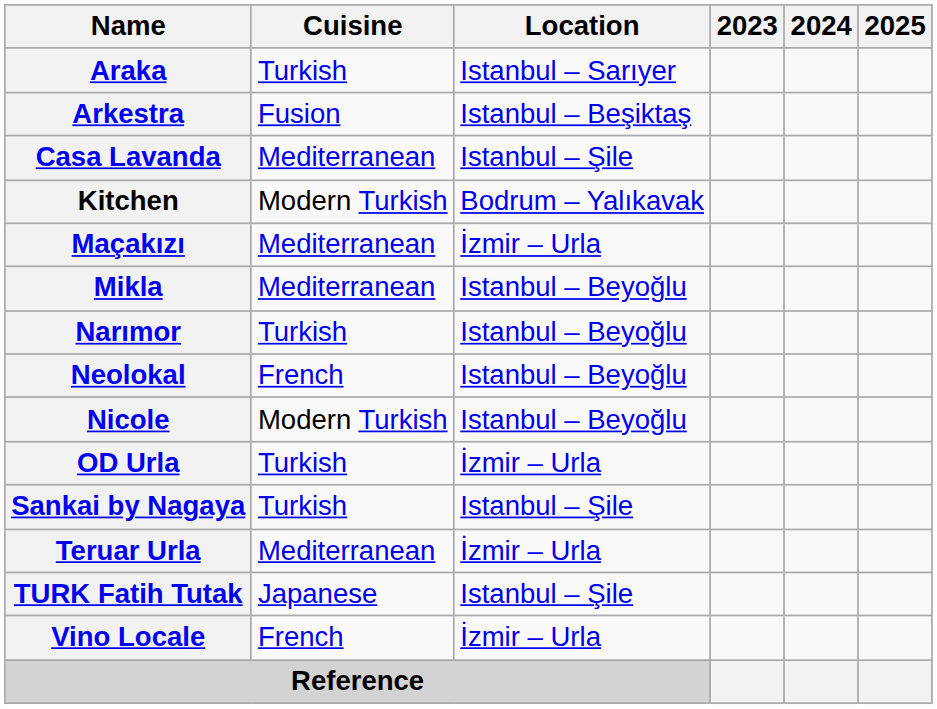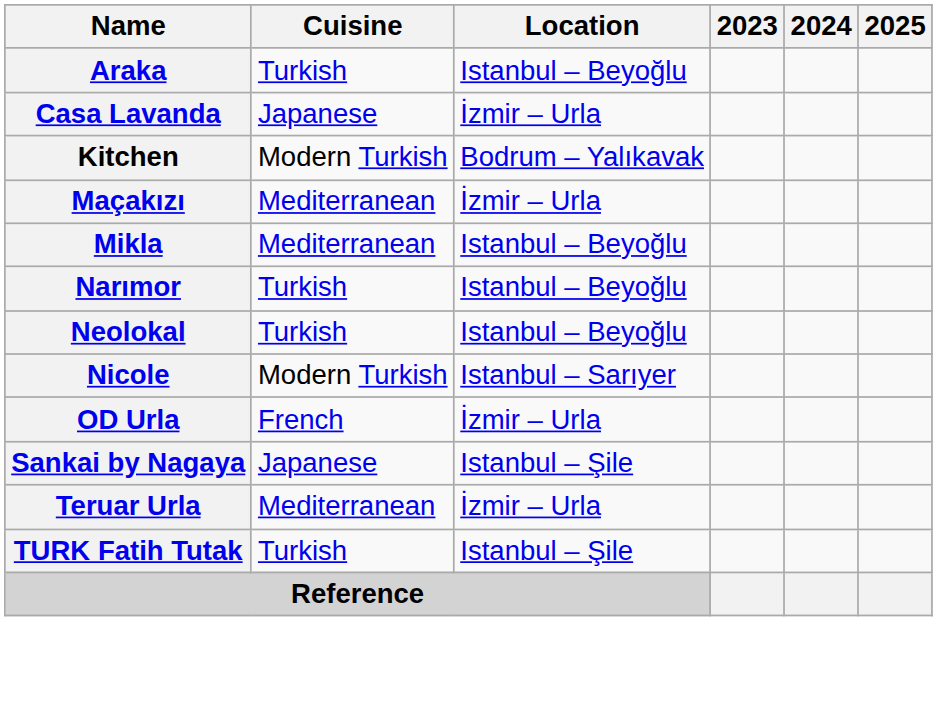 <table class="wikitable sortable plainrowheaders" style="text-align:left;"">
 <tr>
 <th scope="col">Name</th>
 <th scope="col">Cuisine</th>
 <th scope="col">Location</th>
 <th scope="col">2023</th>
 <th scope="col">2024</th>
 <th scope="col">2025</th>
 </tr>
 <tr>
 <th scope="row"><a href='#'>Araka</a></th>
 <td><a href='#'>Turkish</a></td>
-<td><a href='#'>Istanbul – Sarıyer</a></td>
-<td></td>
-<td></td>
-<td></td>
-</tr>
-<tr>
-<th scope="row"><a href='#'>Arkestra</a></th>
-<td><a href='#'>Fusion</a></td>
-<td><a href='#'>Istanbul – Beşiktaş</a></td>
+<td><a href='#'>Istanbul – Beyoğlu</a></td>
 <td></td>
 <td></td>
 <td></td>
 </tr>
 <tr>
 <th scope="row"><a href='#'>Casa Lavanda</a></th>
-<td><a href='#'>Mediterranean</a></td>
-<td><a href='#'>Istanbul – Şile</a></td>
+<td><a href='#'>Japanese</a></td>
+<td><a href='#'>İzmir – Urla</a></td>
 <td></td>
 <td></td>
 <td></td>
 </tr>
 <tr>
 <th scope="row">Kitchen</th>
 <td>Modern <a href='#'>Turkish</a></td>
 <td><a href='#'>Bodrum – Yalıkavak</a></td>
 <td></td>
 <td></td>
 <td></td>
 </tr>
 <tr>
 <th scope="row"><a href='#'>Maçakızı</a></th>
 <td><a href='#'>Mediterranean</a></td>
 <td><a href='#'>İzmir – Urla</a></td>
 <td></td>
 <td></td>
 <td></td>
 </tr>
 <tr>
 <th scope="row"><a href='#'>Mikla</a></th>
 <td><a href='#'>Mediterranean</a></td>
 <td><a href='#'>Istanbul – Beyoğlu</a></td>
 <td></td>
 <td></td>
 <td></td>
 </tr>
 <tr>
 <th scope="row"><a href='#'>Narımor</a></th>
 <td><a href='#'>Turkish</a></td>
 <td><a href='#'>Istanbul – Beyoğlu</a></td>
 <td></td>
 <td></td>
 <td></td>
 </tr>
 <tr>
 <th scope="row"><a href='#'>Neolokal</a></th>
-<td><a href='#'>French</a></td>
+<td><a href='#'>Turkish</a></td>
 <td><a href='#'>Istanbul – Beyoğlu</a></td>
 <td></td>
 <td></td>
 <td></td>
 </tr>
 <tr>
 <th scope="row"><a href='#'>Nicole</a></th>
 <td>Modern <a href='#'>Turkish</a></td>
-<td><a href='#'>Istanbul – Beyoğlu</a></td>
+<td><a href='#'>Istanbul – Sarıyer</a></td>
 <td></td>
 <td></td>
 <td></td>
 </tr>
 <tr>
 <th scope="row"><a href='#'>OD Urla</a></th>
-<td><a href='#'>Turkish</a></td>
+<td><a href='#'>French</a></td>
 <td><a href='#'>İzmir – Urla</a></td>
 <td></td>
 <td></td>
 <td></td>
 </tr>
 <tr>
 <th scope="row"><a href='#'>Sankai by Nagaya</a></th>
-<td><a href='#'>Turkish</a></td>
+<td><a href='#'>Japanese</a></td>
 <td><a href='#'>Istanbul – Şile</a></td>
 <td></td>
 <td></td>
 <td></td>
 </tr>
 <tr>
 <th scope="row"><a href='#'>Teruar Urla</a></th>
 <td><a href='#'>Mediterranean</a></td>
 <td><a href='#'>İzmir – Urla</a></td>
 <td></td>
 <td></td>
 <td></td>
 </tr>
 <tr>
 <th scope="row"><a href='#'>TURK Fatih Tutak</a></th>
-<td><a href='#'>Japanese</a></td>
+<td><a href='#'>Turkish</a></td>
 <td><a href='#'>Istanbul – Şile</a></td>
-<td></td>
-<td></td>
-<td></td>
-</tr>
-<tr>
-<th scope="row"><a href='#'>Vino Locale</a></th>
-<td><a href='#'>French</a></td>
-<td><a href='#'>İzmir – Urla</a></td>
 <td></td>
 <td></td>
 <td></td>
 </tr>
 <tr>
 <th colspan="3" style="text-align: center;background: lightgray;">Reference</th>
 <th></th>
 <th></th>
 <th></th>
 </tr>
 </table>
